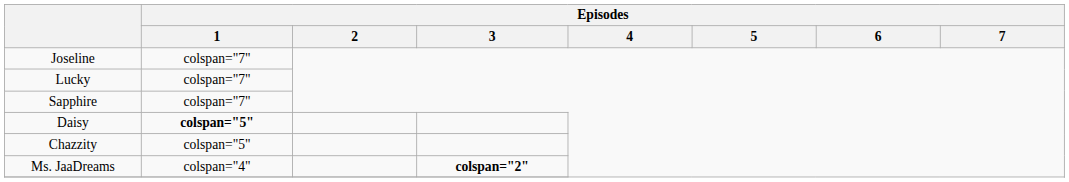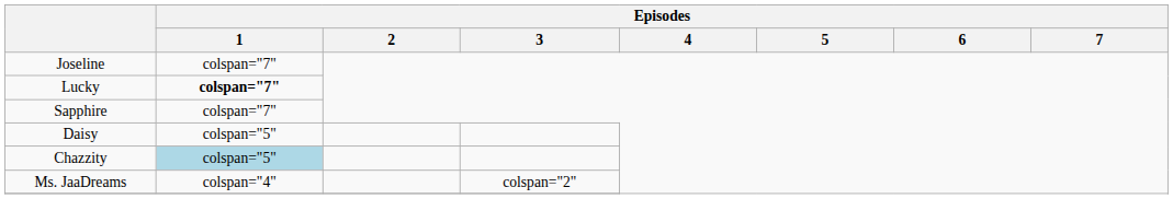 <table class="wikitable plainrowheaders" style="text-align:center;">
 <tr>
 <th scope="col" rowspan="2" style="width:5%;"></th>
 <th scope="col" colspan="14">Episodes</th>
 </tr>
 <tr>
 <th style="width:5%;">1</th>
 <th style="width:5%;">2</th>
 <th style="width:5%;">3</th>
 <th style="width:5%;">4</th>
 <th style="width:5%;">5</th>
 <th style="width:5%;">6</th>
 <th style="width:5%;">7</th>
 </tr>
 <tr>
 <td scope="row">Joseline</td>
 <td>colspan="7" </td>
 </tr>
 <tr>
 <td scope="row">Lucky</td>
-<td>colspan="7" </td>
+<td><strong>colspan="7" </strong></td>
 </tr>
 <tr>
 <td scope="row">Sapphire</td>
 <td>colspan="7" </td>
 </tr>
 <tr>
 <td scope="row">Daisy</td>
-<td><strong>colspan="5" </strong></td>
+<td>colspan="5" </td>
 <td></td>
 <td></td>
 </tr>
 <tr>
 <td scope="row">Chazzity</td>
-<td>colspan="5" </td>
+<td style="background: lightblue;">colspan="5" </td>
 <td></td>
 <td></td>
 </tr>
 <tr>
 <td scope="row">Ms. JaaDreams</td>
 <td>colspan="4" </td>
 <td></td>
-<td><strong>colspan="2" </strong></td>
+<td>colspan="2" </td>
 </tr>
 <tr>
 </tr>
 </table>
